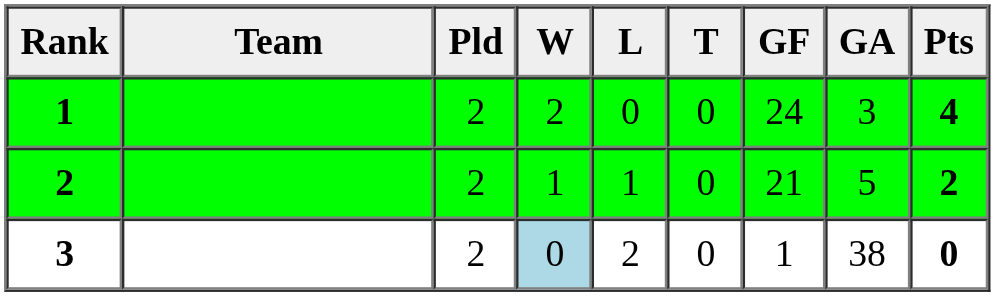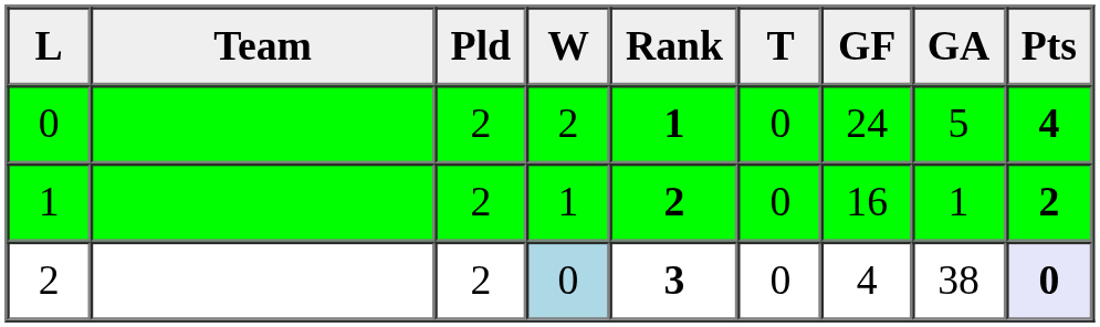 <table border=1 cellpadding=5 cellspacing=0>
 <tr>
-<th bgcolor="#efefef" width="20">Rank</th>
+<th bgcolor="#efefef" width="20">L</th>
 <th bgcolor="#efefef" width="120">Team</th>
 <th bgcolor="#efefef" width="20">Pld</th>
 <th bgcolor="#efefef" width="20">W</th>
-<th bgcolor="#efefef" width="20">L</th>
+<th bgcolor="#efefef" width="20">Rank</th>
 <th bgcolor="#efefef" width="20">T</th>
 <th bgcolor="#efefef" width="20">GF</th>
 <th bgcolor="#efefef" width="20">GA</th>
 <th bgcolor="#efefef" width="20">Pts</th>
 </tr>
 <tr align=center bgcolor="lime">
-<td><strong>1</strong></td>
+<td>0</td>
 <td align=left></td>
 <td>2</td>
 <td>2</td>
-<td>0</td>
+<td><strong>1</strong></td>
 <td>0</td>
 <td>24</td>
-<td>3</td>
+<td>5</td>
 <td><strong>4</strong></td>
 </tr>
 <tr align=center bgcolor="lime">
-<td><strong>2</strong></td>
+<td>1</td>
 <td align=left></td>
 <td>2</td>
 <td>1</td>
+<td><strong>2</strong></td>
+<td>0</td>
+<td>16</td>
 <td>1</td>
-<td>0</td>
-<td>21</td>
-<td>5</td>
 <td><strong>2</strong></td>
 </tr>
 <tr align=center>
-<td><strong>3</strong></td>
+<td>2</td>
 <td align=left></td>
 <td>2</td>
 <td style="background: lightblue;">0</td>
-<td>2</td>
+<td><strong>3</strong></td>
 <td>0</td>
-<td>1</td>
+<td>4</td>
 <td>38</td>
-<td><strong>0</strong></td>
+<td style="background: lavender;"><strong>0</strong></td>
 </tr>
 </table>
